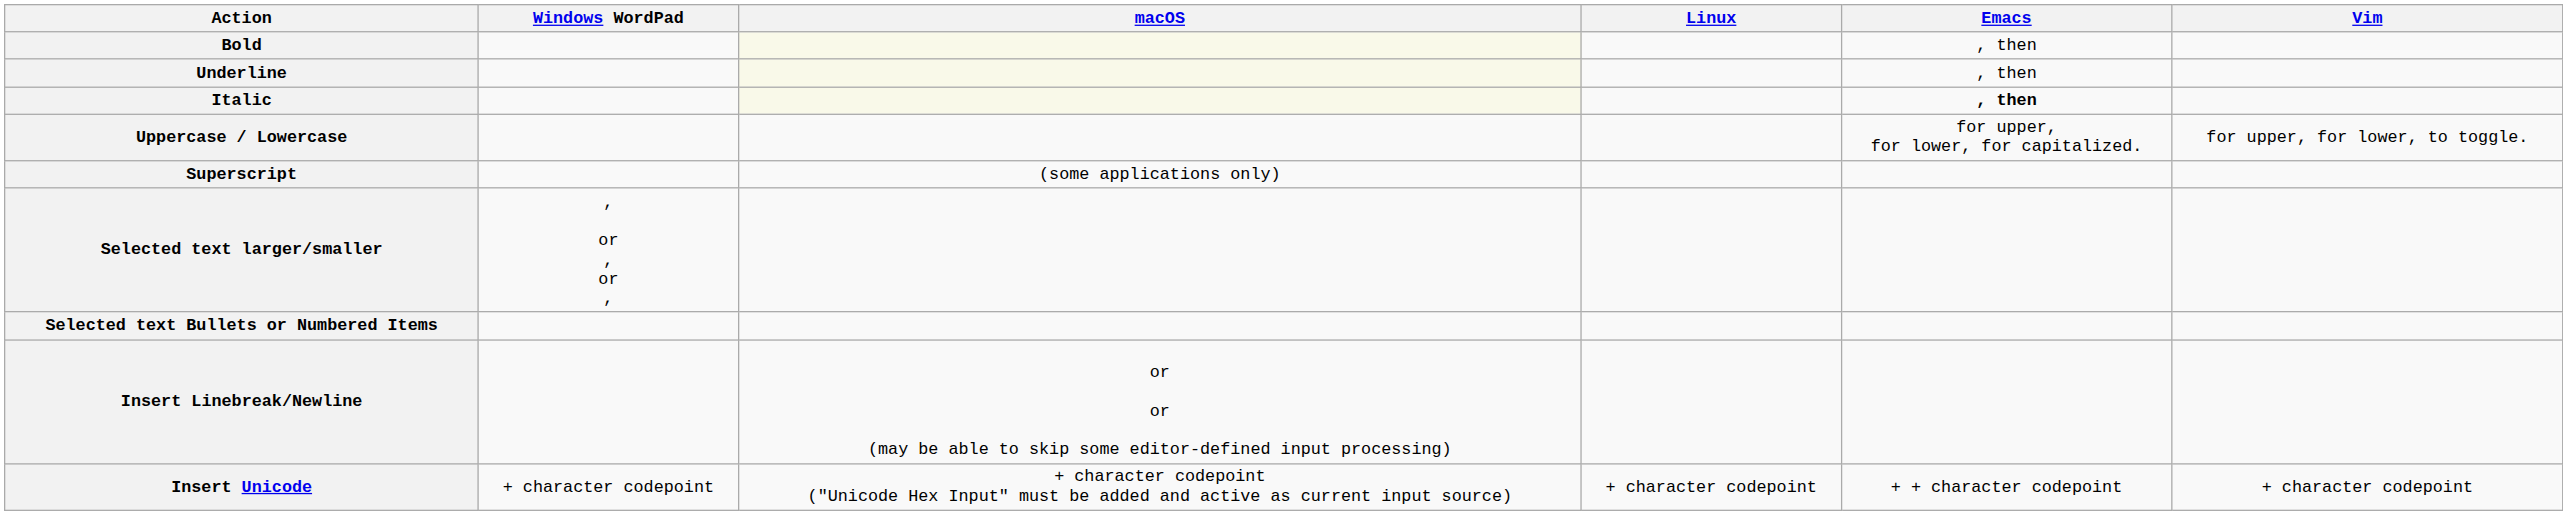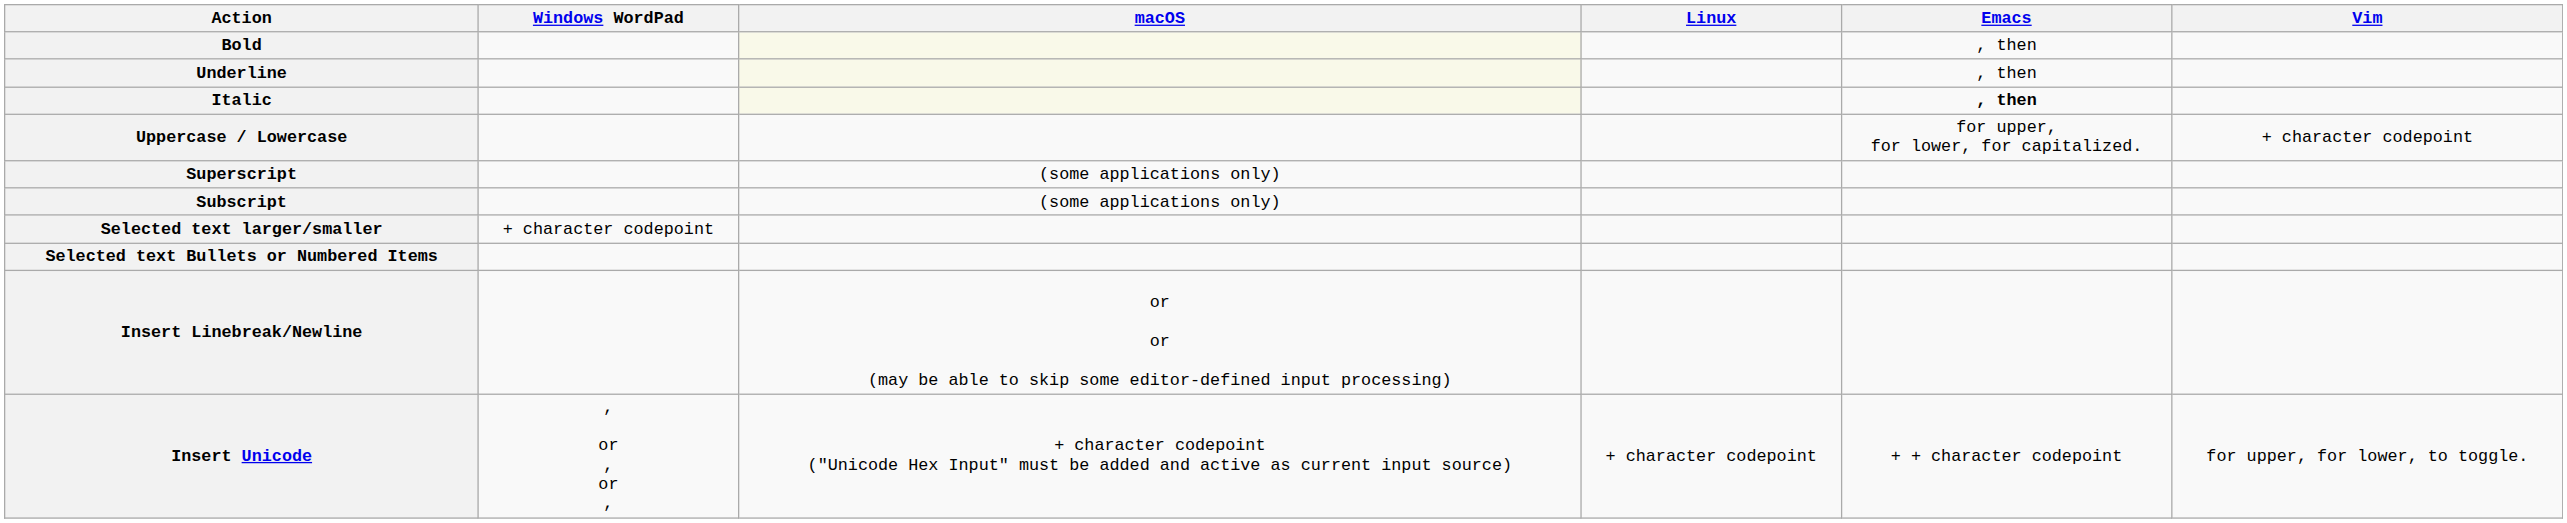 <table class="wikitable" style="width: 100%; text-align: center;">
 <tr>
 <th scope="col">Action</th>
 <th scope="col"><a href='#'>Windows</a> WordPad</th>
 <th scope="col"><a href='#'>macOS</a></th>
 <th scope="col"><a href='#'>Linux</a></th>
 <th scope="col"><a href='#'>Emacs</a></th>
 <th scope="col"><a href='#'>Vim</a></th>
 </tr>
 <tr>
 <th scope="row">Bold</th>
 <td></td>
 <td style="background: #f9f9e9;"></td>
 <td></td>
 <td>, then </td>
 <td></td>
 </tr>
 <tr>
 <th scope="row">Underline</th>
 <td></td>
 <td style="background: #f9f9e9;"></td>
 <td></td>
 <td>, then </td>
 <td></td>
 </tr>
 <tr>
 <th scope="row">Italic</th>
 <td></td>
 <td style="background: #f9f9e9;"></td>
 <td></td>
 <td><strong>, then </strong></td>
 <td></td>
 </tr>
 <tr>
 <th scope="row">Uppercase / Lowercase</th>
 <td></td>
 <td></td>
 <td></td>
 <td> for upper,<br> for lower,  for capitalized.</td>
-<td> for upper,  for lower,  to toggle.</td>
+<td> + character codepoint</td>
 </tr>
 <tr>
 <th scope="row">Superscript</th>
 <td></td>
 <td> (some applications only)</td>
 <td></td>
 <td></td>
 <td></td>
 </tr>
 <tr>
+<th scope="row">Subscript</th>
+<td></td>
+<td> (some applications only)</td>
+<td></td>
+<td></td>
+<td></td>
+</tr>
+<tr>
 <th scope="row">Selected text larger/smaller</th>
-<td>, <br><br>or<br> , <br>or<br>, </td>
+<td> + character codepoint</td>
 <td><br></td>
 <td></td>
 <td></td>
 <td></td>
 </tr>
 <tr>
 <th scope="row">Selected text Bullets or Numbered Items</th>
 <td></td>
 <td></td>
 <td></td>
 <td></td>
 <td></td>
 </tr>
 <tr>
 <th scope="row">Insert Linebreak/Newline</th>
 <td></td>
 <td><br>or<br>  <br>or<br> <br>(may be able to skip some editor-defined input processing)</td>
 <td></td>
 <td></td>
 <td></td>
 </tr>
 <tr>
 <th scope="row">Insert <a href='#'>Unicode</a></th>
-<td> + character codepoint</td>
+<td>, <br><br>or<br> , <br>or<br>, </td>
 <td> + character codepoint<br>("Unicode Hex Input" must be added and active as current input source)</td>
 <td> + character codepoint</td>
 <td>+ + character codepoint</td>
-<td> + character codepoint</td>
+<td> for upper,  for lower,  to toggle.</td>
 </tr>
 </table>
